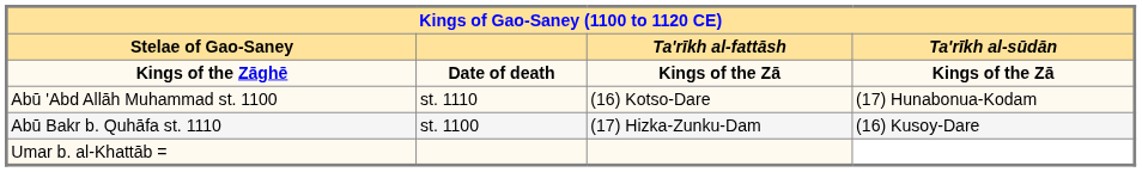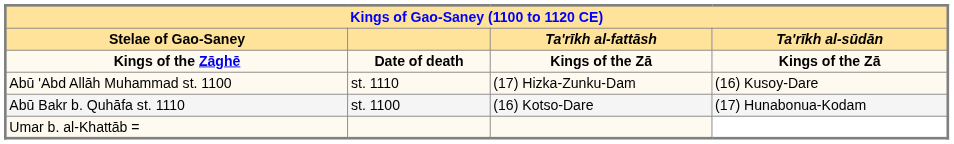 <table border="2" cellspacing="0" cellpadding="3" rules="all" width="85%" style="clear:all; margin:3px 0 0em 0em; border-style: solid; border-width: 3px; border-collapse:collapse; empty-cells:show">
 <tr>
 <td colspan="14" align=center style="background:#FFE39B; color:blue"><strong>Kings of Gao-Saney (1100 to 1120 CE)</strong></td>
 </tr>
 <tr bgcolor="#FFE39B">
 <th>Stelae of Gao-Saney</th>
 <th></th>
 <th><em>Ta'rīkh al-fattāsh</em></th>
 <th><em>Ta'rīkh al-sūdān</em></th>
 </tr>
 <tr bgcolor="#fffaf0">
 <th>Kings of the <a href='#'>Zāghē</a></th>
 <th>Date of death</th>
 <th>Kings of the Zā</th>
 <th>Kings of the Zā</th>
 </tr>
 <tr bgcolor="#fffaf0">
 <td>Abū 'Abd Allāh Muhammad st. 1100</td>
 <td>st. 1110</td>
-<td>(16) Kotso-Dare</td>
-<td>(17) Hunabonua-Kodam</td>
+<td>(17) Hizka-Zunku-Dam</td>
+<td>(16) Kusoy-Dare</td>
 </tr>
 <tr bgcolor="#f5f5f5">
 <td>Abū Bakr b. Quhāfa st. 1110</td>
 <td>st. 1100</td>
-<td>(17) Hizka-Zunku-Dam</td>
-<td>(16) Kusoy-Dare</td>
+<td>(16) Kotso-Dare</td>
+<td>(17) Hunabonua-Kodam</td>
 </tr>
 <tr bgcolor="#fffaf0">
 <td>Umar b. al-Khattāb =</td>
 <td></td>
 <td></td>
 </tr>
 <tr bgcolor="#fffaf0">
 </tr>
 <tr --->
 </tr>
 <tr bgcolor="#f5f5f5">
 </tr>
 <tr>
 </tr>
 </table>
